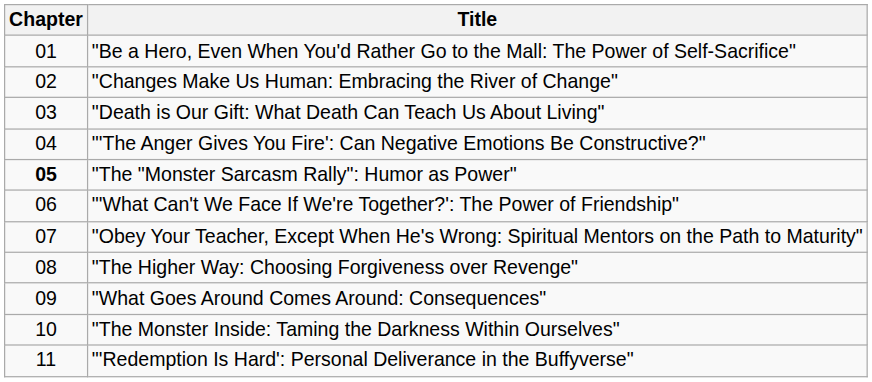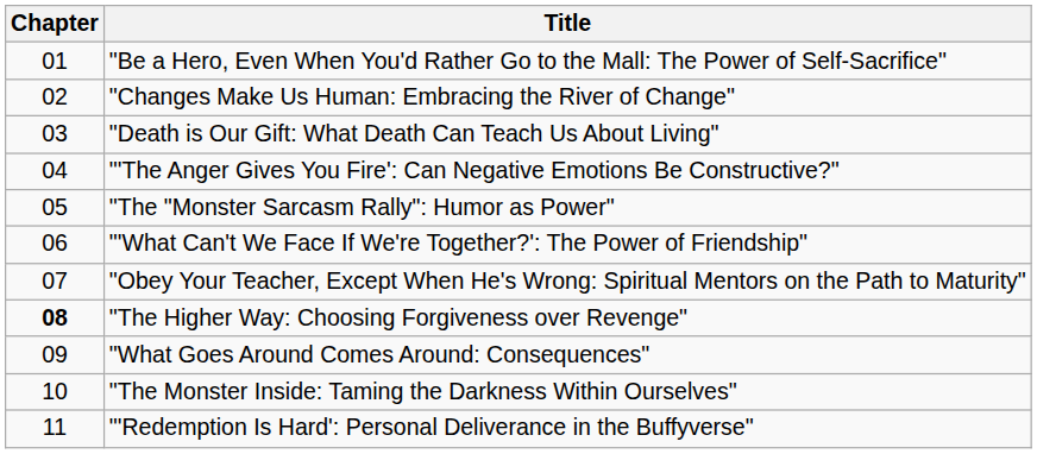 <table class="wikitable">
 <tr>
 <th>Chapter</th>
 <th>Title</th>
 </tr>
 <tr>
 <td style="text-align:center;">01</td>
 <td>"Be a Hero, Even When You'd Rather Go to the Mall: The Power of Self-Sacrifice"</td>
 </tr>
 <tr>
 <td style="text-align:center;">02</td>
 <td>"Changes Make Us Human: Embracing the River of Change"</td>
 </tr>
 <tr>
 <td style="text-align:center;">03</td>
 <td>"Death is Our Gift: What Death Can Teach Us About Living"</td>
 </tr>
 <tr>
 <td style="text-align:center;">04</td>
 <td>"'The Anger Gives You Fire': Can Negative Emotions Be Constructive?"</td>
 </tr>
 <tr>
-<td style="text-align:center;"><strong>05</strong></td>
+<td style="text-align:center;">05</td>
 <td>"The "Monster Sarcasm Rally": Humor as Power"</td>
 </tr>
 <tr>
 <td style="text-align:center;">06</td>
 <td>"'What Can't We Face If We're Together?': The Power of Friendship"</td>
 </tr>
 <tr>
 <td style="text-align:center;">07</td>
 <td>"Obey Your Teacher, Except When He's Wrong: Spiritual Mentors on the Path to Maturity"</td>
 </tr>
 <tr>
-<td style="text-align:center;">08</td>
+<td style="text-align:center;"><strong>08</strong></td>
 <td>"The Higher Way: Choosing Forgiveness over Revenge"</td>
 </tr>
 <tr>
 <td style="text-align:center;">09</td>
 <td>"What Goes Around Comes Around: Consequences"</td>
 </tr>
 <tr>
 <td style="text-align:center;">10</td>
 <td>"The Monster Inside: Taming the Darkness Within Ourselves"</td>
 </tr>
 <tr>
 <td style="text-align:center;">11</td>
 <td>"'Redemption Is Hard': Personal Deliverance in the Buffyverse"</td>
 </tr>
 </table>
